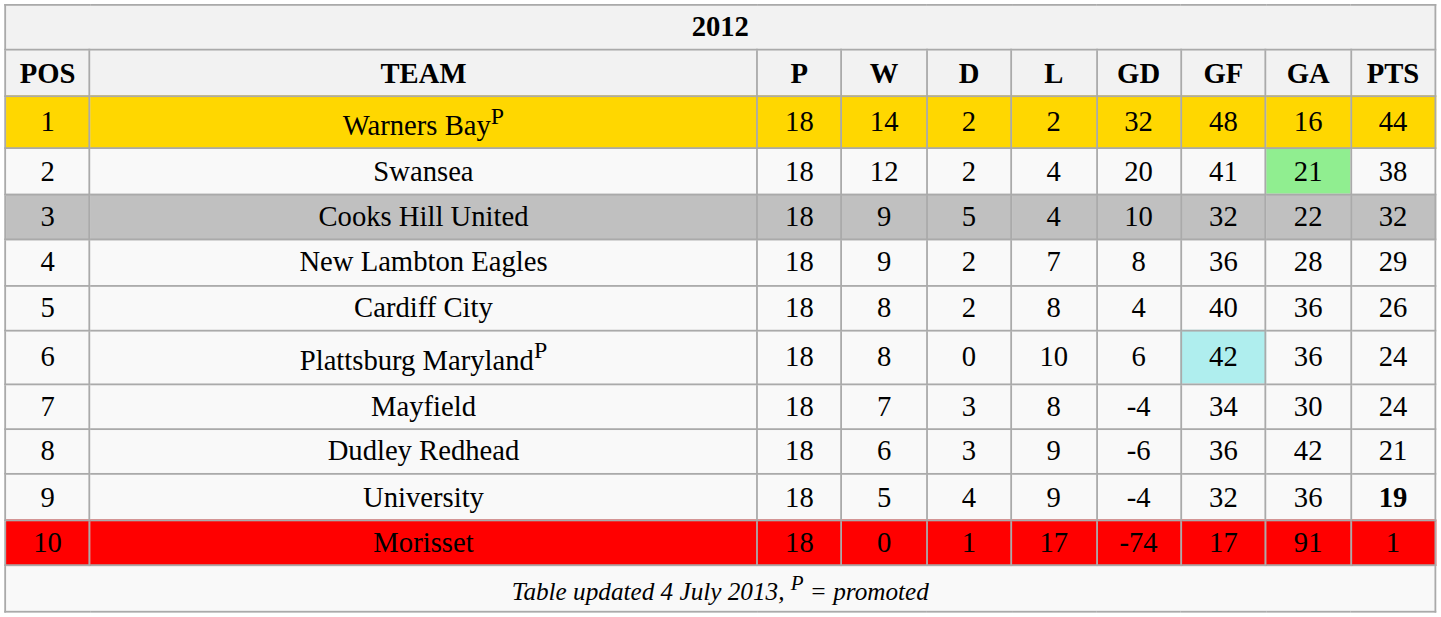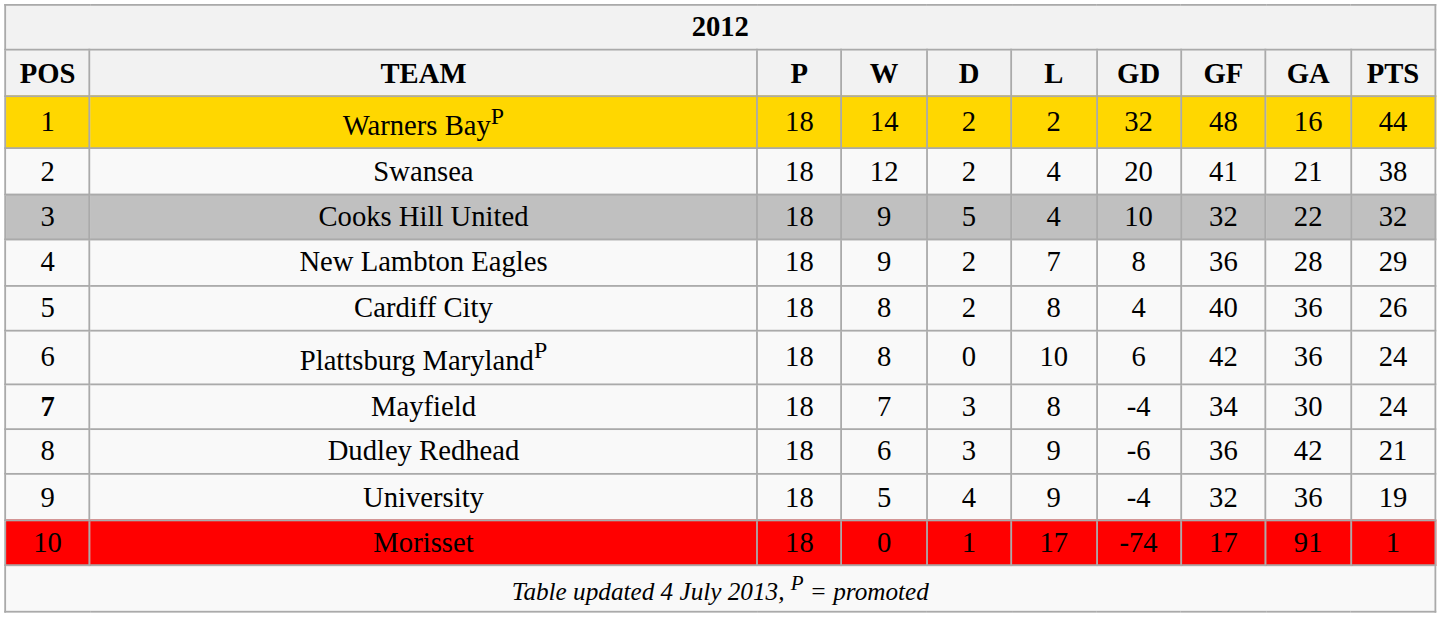 <table class="wikitable collapsible collapsed" style="text-align:center; min-width:50em; margin: 1em auto 1em auto;">
 <tr>
 <th colspan=10>2012</th>
 </tr>
 <tr>
 <th scope="col" width="40px">POS</th>
 <th scope="col">TEAM</th>
 <th scope="col" width="40px">P</th>
 <th scope="col" width="40px">W</th>
 <th scope="col" width="40px">D</th>
 <th scope="col" width="40px">L</th>
 <th scope="col" width="40px">GD</th>
 <th scope="col" width="40px">GF</th>
 <th scope="col" width="40px">GA</th>
 <th scope="col" width="40px">PTS</th>
 </tr>
 <tr style="background: gold;">
 <td>1</td>
 <td>Warners Bay<sup>P</sup></td>
 <td>18</td>
 <td>14</td>
 <td>2</td>
 <td>2</td>
 <td>32</td>
 <td>48</td>
 <td>16</td>
 <td>44</td>
 </tr>
 <tr>
 <td>2</td>
 <td>Swansea</td>
 <td>18</td>
 <td>12</td>
 <td>2</td>
 <td>4</td>
 <td>20</td>
 <td>41</td>
-<td style="background: lightgreen;">21</td>
+<td>21</td>
 <td>38</td>
 </tr>
 <tr style="background: silver;">
 <td>3</td>
 <td>Cooks Hill United</td>
 <td>18</td>
 <td>9</td>
 <td>5</td>
 <td>4</td>
 <td>10</td>
 <td>32</td>
 <td>22</td>
 <td>32</td>
 </tr>
 <tr>
 <td>4</td>
 <td>New Lambton Eagles</td>
 <td>18</td>
 <td>9</td>
 <td>2</td>
 <td>7</td>
 <td>8</td>
 <td>36</td>
 <td>28</td>
 <td>29</td>
 </tr>
 <tr>
 <td>5</td>
 <td>Cardiff City</td>
 <td>18</td>
 <td>8</td>
 <td>2</td>
 <td>8</td>
 <td>4</td>
 <td>40</td>
 <td>36</td>
 <td>26</td>
 </tr>
 <tr>
 <td>6</td>
 <td>Plattsburg Maryland<sup>P</sup></td>
 <td>18</td>
 <td>8</td>
 <td>0</td>
 <td>10</td>
 <td>6</td>
-<td style="background: paleturquoise;">42</td>
+<td>42</td>
 <td>36</td>
 <td>24</td>
 </tr>
 <tr>
-<td>7</td>
+<td><strong>7</strong></td>
 <td>Mayfield</td>
 <td>18</td>
 <td>7</td>
 <td>3</td>
 <td>8</td>
 <td>-4</td>
 <td>34</td>
 <td>30</td>
 <td>24</td>
 </tr>
 <tr>
 <td>8</td>
 <td>Dudley Redhead</td>
 <td>18</td>
 <td>6</td>
 <td>3</td>
 <td>9</td>
 <td>-6</td>
 <td>36</td>
 <td>42</td>
 <td>21</td>
 </tr>
 <tr>
 <td>9</td>
 <td>University</td>
 <td>18</td>
 <td>5</td>
 <td>4</td>
 <td>9</td>
 <td>-4</td>
 <td>32</td>
 <td>36</td>
-<td><strong>19</strong></td>
+<td>19</td>
 </tr>
 <tr style="background: red;">
 <td>10</td>
 <td>Morisset</td>
 <td>18</td>
 <td>0</td>
 <td>1</td>
 <td>17</td>
 <td>-74</td>
 <td>17</td>
 <td>91</td>
 <td>1</td>
 </tr>
 <tr>
 <td colspan=10 style="font-size:88%"><em>Table updated 4 July 2013, <sup>P</sup> = promoted</em></td>
 </tr>
 </table>
